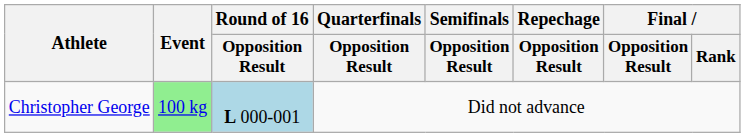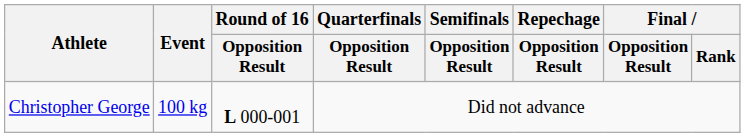 <table class="wikitable" style="font-size:90%">
 <tr>
 <th rowspan=2>Athlete</th>
 <th rowspan=2>Event</th>
 <th>Round of 16</th>
 <th>Quarterfinals</th>
 <th>Semifinals</th>
 <th>Repechage</th>
 <th colspan=2>Final / </th>
 </tr>
 <tr style="font-size:95%">
 <th>Opposition<br>Result</th>
 <th>Opposition<br>Result</th>
 <th>Opposition<br>Result</th>
 <th>Opposition<br>Result</th>
 <th>Opposition<br>Result</th>
 <th>Rank</th>
 </tr>
 <tr align=center>
 <td align=left><a href='#'>Christopher George</a></td>
-<td align=left style="background: lightgreen;"><a href='#'>100 kg</a></td>
-<td style="background: lightblue;"><br><strong>L</strong> 000-001</td>
+<td align=left><a href='#'>100 kg</a></td>
+<td><br><strong>L</strong> 000-001</td>
 <td colspan=5>Did not advance</td>
 </tr>
 </table>
